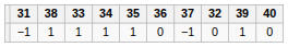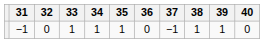 <table class="wikitable" style="text-align:center">
 <tr>
 <th></th>
 <th style="width: 30px;">31</th>
-<th style="width: 30px;">38</th>
+<th style="width: 30px;">32</th>
 <th style="width: 30px;">33</th>
 <th style="width: 30px;">34</th>
 <th style="width: 30px;">35</th>
 <th style="width: 30px;">36</th>
 <th style="width: 30px;">37</th>
-<th style="width: 30px;">32</th>
+<th style="width: 30px;">38</th>
 <th style="width: 30px;">39</th>
 <th style="width: 30px;">40</th>
 </tr>
 <tr>
 <th></th>
 <td>−1</td>
-<td>1</td>
+<td>0</td>
 <td>1</td>
 <td>1</td>
 <td>1</td>
 <td>0</td>
 <td>−1</td>
-<td>0</td>
+<td>1</td>
 <td>1</td>
 <td>0</td>
 </tr>
 </table>
